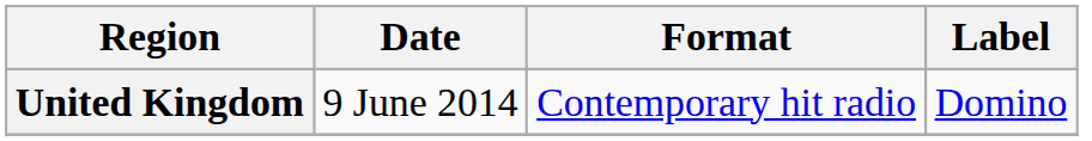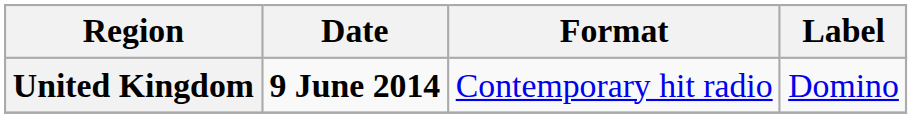 <table class="wikitable plainrowheaders">
 <tr>
 <th>Region</th>
 <th>Date</th>
 <th>Format</th>
 <th>Label</th>
 </tr>
 <tr>
 <th scope="row">United Kingdom</th>
-<td>9 June 2014</td>
+<td><strong>9 June 2014</strong></td>
 <td><a href='#'>Contemporary hit radio</a></td>
 <td><a href='#'>Domino</a></td>
 </tr>
 <tr>
 </tr>
 </table>
